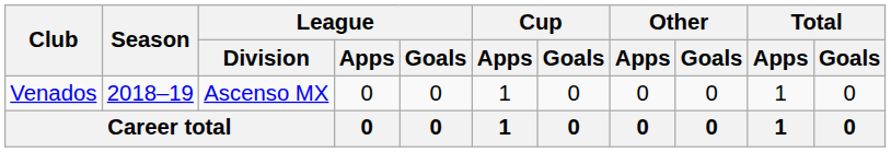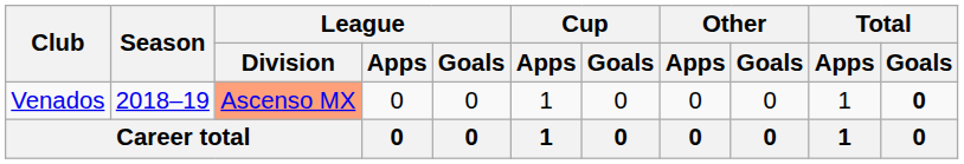 <table class="wikitable" style="text-align: center">
 <tr>
 <th rowspan="2">Club</th>
 <th rowspan="2">Season</th>
 <th colspan="3">League</th>
 <th colspan="2">Cup</th>
 <th colspan="2">Other</th>
 <th colspan="2">Total</th>
 </tr>
 <tr>
 <th>Division</th>
 <th>Apps</th>
 <th>Goals</th>
 <th>Apps</th>
 <th>Goals</th>
 <th>Apps</th>
 <th>Goals</th>
 <th>Apps</th>
 <th>Goals</th>
 </tr>
 <tr>
 <td><a href='#'>Venados</a></td>
 <td><a href='#'>2018–19</a></td>
-<td><a href='#'>Ascenso MX</a></td>
+<td style="background: lightsalmon;"><a href='#'>Ascenso MX</a></td>
 <td>0</td>
 <td>0</td>
 <td>1</td>
 <td>0</td>
 <td>0</td>
 <td>0</td>
 <td>1</td>
-<td>0</td>
+<td><strong>0</strong></td>
 </tr>
 <tr>
 <th colspan="3"><strong>Career total</strong></th>
 <th>0</th>
 <th>0</th>
 <th>1</th>
 <th>0</th>
 <th>0</th>
 <th>0</th>
 <th>1</th>
 <th>0</th>
 </tr>
 </table>
